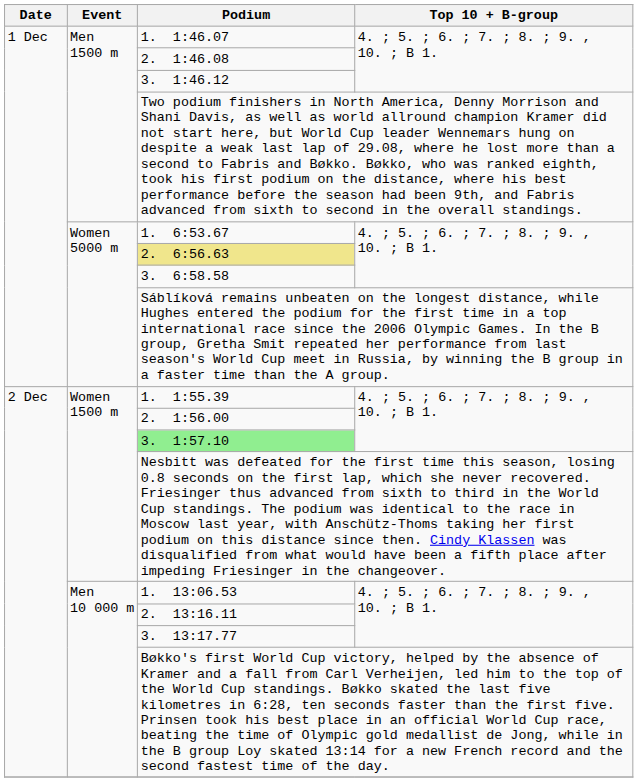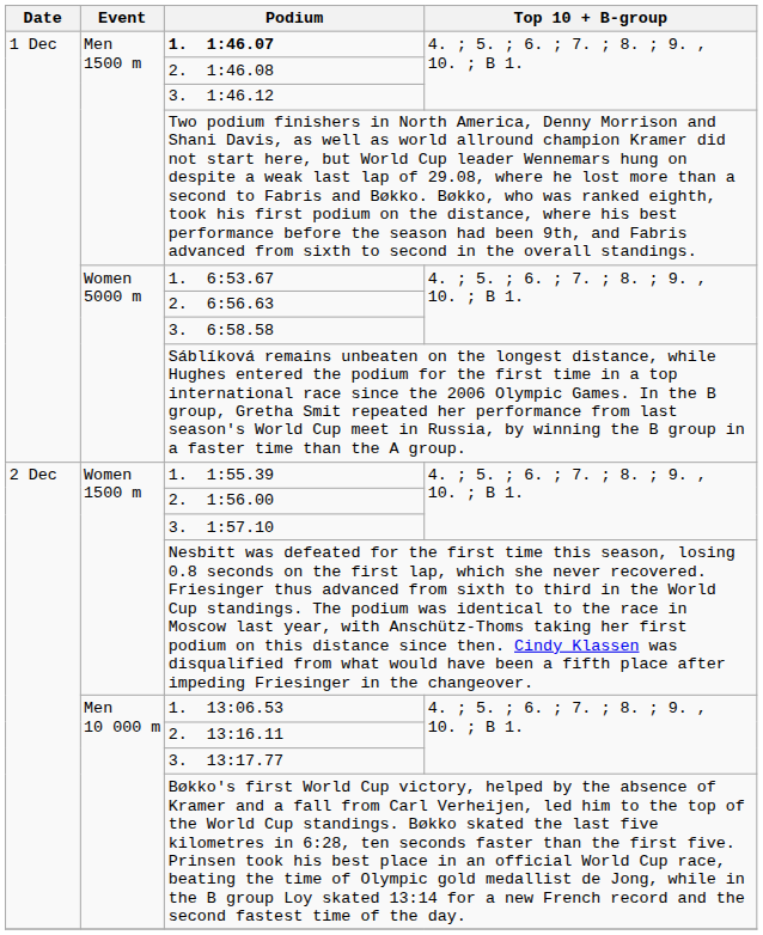 <table class="wikitable">
 <tr>
 <th width="10%">Date</th>
 <th width="10%">Event</th>
 <th width="35%">Podium</th>
 <th width="45%">Top 10 + B-group<br></th>
 </tr>
 <tr valign="top">
 <td rowspan="8">1 Dec</td>
 <td rowspan="4">Men<br>1500 m<br></td>
-<td>1.  1:46.07</td>
+<td><strong>1.  1:46.07</strong></td>
 <td rowspan="3">4. ; 5. ; 6. ; 7. ; 8. ; 9. , 10. ; B 1. </td>
 </tr>
 <tr>
 <td>2.  1:46.08</td>
 </tr>
 <tr>
 <td>3.  1:46.12</td>
 </tr>
 <tr>
 <td colspan="2">Two podium finishers in North America, Denny Morrison and Shani Davis, as well as world allround champion Kramer did not start here, but World Cup leader Wennemars hung on despite a weak last lap of 29.08, where he lost more than a second to Fabris and Bøkko. Bøkko, who was ranked eighth, took his first podium on the distance, where his best performance before the season had been 9th, and Fabris advanced from sixth to second in the overall standings.</td>
 </tr>
 <tr valign="top">
 <td rowspan="4">Women<br>5000 m<br></td>
 <td>1.  6:53.67</td>
 <td rowspan="3">4. ; 5. ; 6. ; 7. ; 8. ; 9. , 10. ; B 1. </td>
 </tr>
 <tr>
-<td style="background: khaki;">2.  6:56.63</td>
+<td>2.  6:56.63</td>
 </tr>
 <tr>
 <td>3.  6:58.58</td>
 </tr>
 <tr>
 <td colspan="2">Sáblíková remains unbeaten on the longest distance, while Hughes entered the podium for the first time in a top international race since the 2006 Olympic Games. In the B group, Gretha Smit repeated her performance from last season's World Cup meet in Russia, by winning the B group in a faster time than the A group.<br></td>
 </tr>
 <tr valign="top">
 <td rowspan="8">2 Dec</td>
 <td rowspan="4">Women<br>1500 m<br></td>
 <td>1.  1:55.39</td>
 <td rowspan="3">4. ; 5. ; 6. ; 7. ; 8. ; 9. , 10. ; B 1. </td>
 </tr>
 <tr>
 <td>2.  1:56.00</td>
 </tr>
 <tr>
-<td style="background: lightgreen;">3.  1:57.10</td>
+<td>3.  1:57.10</td>
 </tr>
 <tr>
 <td colspan="2">Nesbitt was defeated for the first time this season, losing 0.8 seconds on the first lap, which she never recovered. Friesinger thus advanced from sixth to third in the World Cup standings. The podium was identical to the race in Moscow last year, with Anschütz-Thoms taking her first podium on this distance since then. <a href='#'>Cindy Klassen</a> was disqualified from what would have been a fifth place after impeding Friesinger in the changeover.</td>
 </tr>
 <tr valign="top">
 <td rowspan="4">Men<br>10 000 m<br></td>
 <td>1.  13:06.53</td>
 <td rowspan="3">4. ; 5. ; 6. ; 7. ; 8. ; 9. , 10. ; B 1. </td>
 </tr>
 <tr>
 <td>2.  13:16.11</td>
 </tr>
 <tr>
 <td>3.  13:17.77</td>
 </tr>
 <tr>
 <td colspan="2">Bøkko's first World Cup victory, helped by the absence of Kramer and a fall from Carl Verheijen, led him to the top of the World Cup standings. Bøkko skated the last five kilometres in 6:28, ten seconds faster than the first five. Prinsen took his best place in an official World Cup race, beating the time of Olympic gold medallist de Jong, while in the B group Loy skated 13:14 for a new French record and the second fastest time of the day.</td>
 </tr>
 <tr>
 </tr>
 </table>
